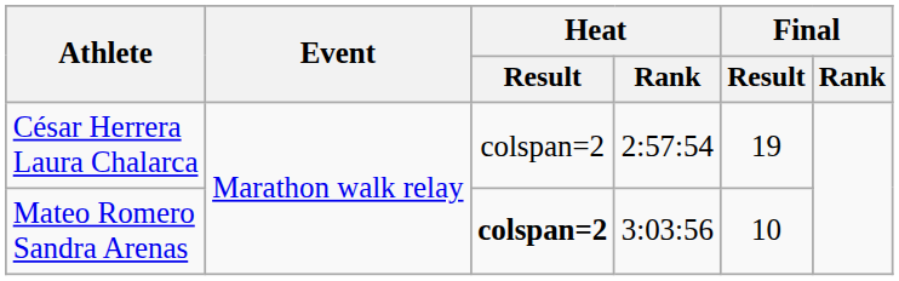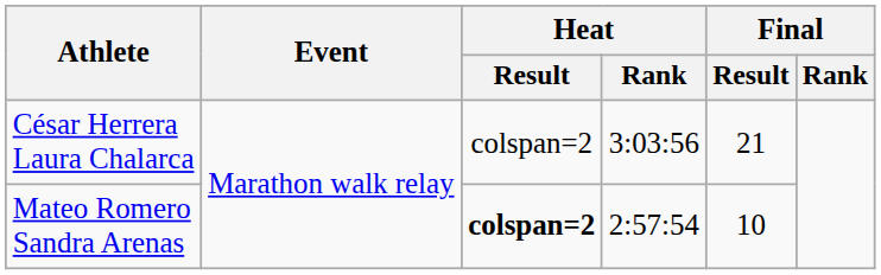 <table class="wikitable" style="font-size:90%">
 <tr>
 <th rowspan="2">Athlete</th>
 <th rowspan="2">Event</th>
 <th colspan="2">Heat</th>
 <th colspan="2">Final</th>
 </tr>
 <tr style="font-size:95%">
 <th>Result</th>
 <th>Rank</th>
 <th>Result</th>
 <th>Rank</th>
 </tr>
 <tr align=center>
 <td align=left><a href='#'>César Herrera</a><br><a href='#'>Laura Chalarca</a></td>
 <td align=left rowspan=2><a href='#'>Marathon walk relay</a></td>
 <td>colspan=2 </td>
-<td>2:57:54</td>
-<td>19</td>
+<td>3:03:56</td>
+<td>21</td>
 </tr>
 <tr align=center>
 <td align=left><a href='#'>Mateo Romero</a><br><a href='#'>Sandra Arenas</a></td>
 <td><strong>colspan=2 </strong></td>
-<td>3:03:56</td>
+<td>2:57:54</td>
 <td>10</td>
 </tr>
 </table>
